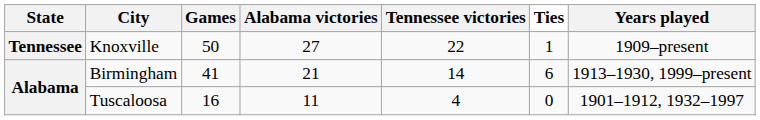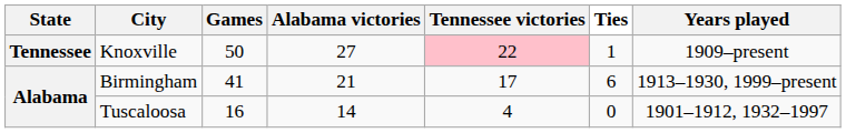 <table class="wikitable">
 <tr>
 <th>State</th>
 <th>City</th>
 <th>Games</th>
 <th>Alabama victories</th>
 <th>Tennessee victories</th>
 <th style="text-align:center; background:white; color:black;">Ties</th>
 <th>Years played</th>
 </tr>
 <tr>
 <th>Tennessee</th>
 <td>Knoxville</td>
 <td style="text-align:center;">50</td>
 <td style="text-align:center;">27</td>
-<td style="text-align:center;">22</td>
+<td style="background: pink; text-align:center;">22</td>
 <td style="text-align:center;">1</td>
 <td style="text-align:center;">1909–present</td>
 </tr>
 <tr>
 <th rowspan="2">Alabama</th>
 <td>Birmingham</td>
 <td style="text-align:center;">41</td>
 <td style="text-align:center;">21</td>
-<td style="text-align:center;">14</td>
+<td style="text-align:center;">17</td>
 <td style="text-align:center;">6</td>
 <td style="text-align:center;">1913–1930, 1999–present</td>
 </tr>
 <tr>
 <td>Tuscaloosa</td>
 <td style="text-align:center;">16</td>
-<td style="text-align:center;">11</td>
+<td style="text-align:center;">14</td>
 <td style="text-align:center;">4</td>
 <td style="text-align:center;">0</td>
 <td style="text-align:center;">1901–1912, 1932–1997</td>
 </tr>
 </table>
